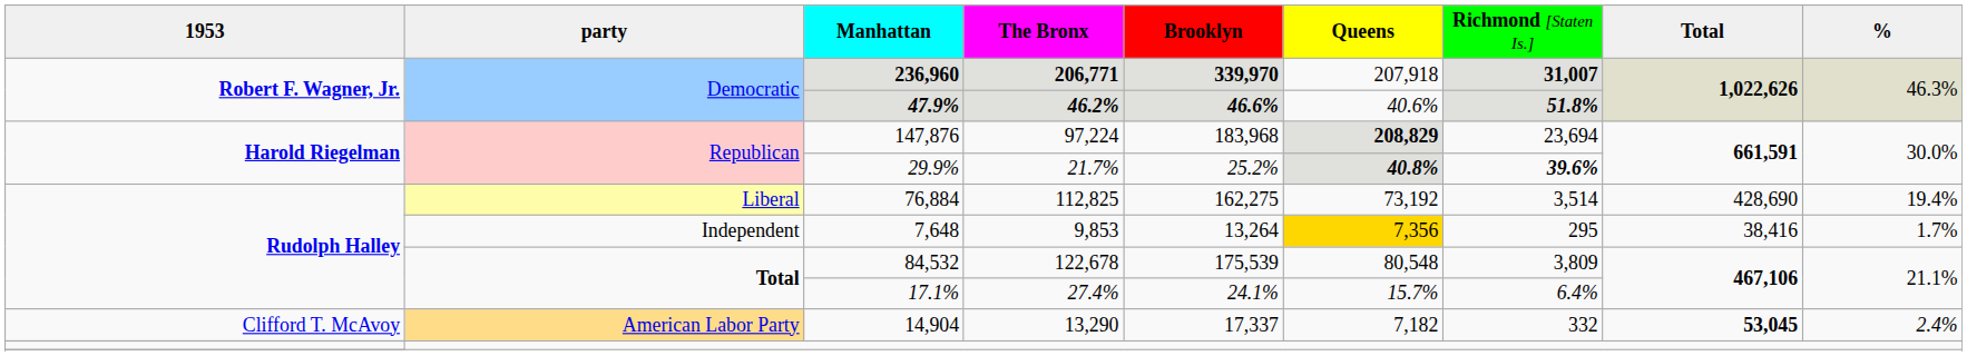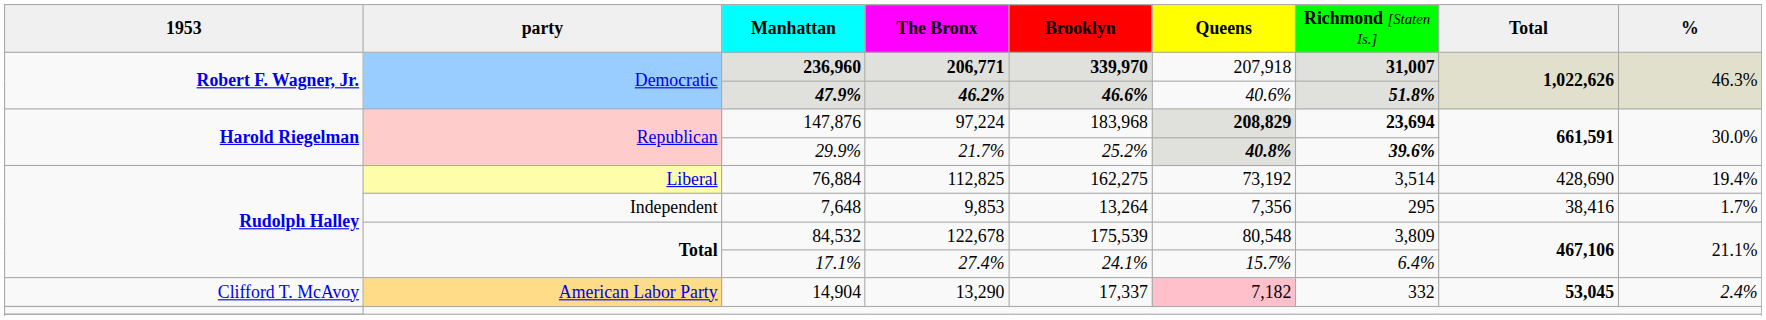 <table class="wikitable"  style="width:100%; text-align:right;">
 <tr style="text-align:center;">
 <td style="width:20%; background:#f0f0f0;"><strong>1953</strong></td>
 <td style="width:20%; background:#f0f0f0;"><strong>party</strong></td>
 <td style="width:8%; background:aqua;"><strong>Manhattan</strong></td>
 <td style="width:8%; background:magenta;"><strong>The Bronx</strong></td>
 <td style="width:8%; background:red;"><strong>Brooklyn</strong></td>
 <td style="width:8%; background:yellow;"><strong>Queens</strong></td>
 <td style="width:8%; background:lime;"><strong>Richmond</strong> <small><em>[Staten Is.]</em></small></td>
 <td style="width:10%; background:#f0f0f0;"><strong>Total</strong></td>
 <td style="width:8%; background:#f0f0f0;"><strong>%</strong></td>
 </tr>
 <tr>
 <td rowspan="2"><strong><a href='#'>Robert F. Wagner, Jr.</a></strong></td>
 <td rowspan="2" style="background:#9cf;"><a href='#'>Democratic</a></td>
 <td style="background:#e0e0dd;"><strong>236,960</strong></td>
 <td style="background:#e0e0dd;"><strong>206,771</strong></td>
 <td style="background:#e0e0dd;"><strong>339,970</strong></td>
 <td>207,918</td>
 <td style="background:#e0e0dd;"><strong>31,007</strong></td>
 <td rowspan="2" style="background:#e0e0cc;"><strong>1,022,626</strong></td>
 <td style="background:#e0e0cc;" rowspan="2">46.3%</td>
 </tr>
 <tr>
 <td style="background:#e0e0dd;"><strong><em>47.9%</em></strong></td>
 <td style="background:#e0e0dd;"><strong><em>46.2%</em></strong></td>
 <td style="background:#e0e0dd;"><strong><em>46.6%</em></strong></td>
 <td><em>40.6%</em></td>
 <td style="background:#e0e0dd;"><strong><em>51.8%</em></strong></td>
 </tr>
 <tr>
 <td rowspan="2"><strong><a href='#'>Harold Riegelman</a></strong></td>
 <td rowspan="2" style="background:#fcc;"><a href='#'>Republican</a></td>
 <td>147,876</td>
 <td>97,224</td>
 <td>183,968</td>
 <td style="background:#e0e0dd;"><strong>208,829</strong></td>
-<td>23,694</td>
+<td><strong>23,694</strong></td>
 <td rowspan="2"><strong>661,591</strong></td>
 <td rowspan="2">30.0%</td>
 </tr>
 <tr>
 <td><em>29.9%</em></td>
 <td><em>21.7%</em></td>
 <td><em>25.2%</em></td>
 <td style="background:#e0e0dd;"><strong><em>40.8%</em></strong></td>
 <td><strong><em>39.6%</em></strong></td>
 </tr>
 <tr>
 <td rowspan="4"><strong><a href='#'>Rudolph Halley</a></strong></td>
 <td style="background:#fefeaa;"><a href='#'>Liberal</a></td>
 <td>76,884</td>
 <td>112,825</td>
 <td>162,275</td>
 <td>73,192</td>
 <td>3,514</td>
 <td>428,690</td>
 <td>19.4%</td>
 </tr>
 <tr>
 <td>Independent</td>
 <td>7,648</td>
 <td>9,853</td>
 <td>13,264</td>
-<td style="background: gold;">7,356</td>
+<td>7,356</td>
 <td>295</td>
 <td>38,416</td>
 <td>1.7%</td>
 </tr>
 <tr>
 <td rowspan="2"><strong>Total</strong></td>
 <td>84,532</td>
 <td>122,678</td>
 <td>175,539</td>
 <td>80,548</td>
 <td>3,809</td>
 <td rowspan="2"><strong>467,106</strong></td>
 <td rowspan="2">21.1%</td>
 </tr>
 <tr>
 <td><em>17.1%</em></td>
 <td><em>27.4%</em></td>
 <td><em>24.1%</em></td>
 <td><em>15.7%</em></td>
 <td><em>6.4%</em></td>
 </tr>
 <tr>
 <td><a href='#'>Clifford T. McAvoy</a></td>
 <td style="background:#ffdd88;"><a href='#'>American Labor Party</a></td>
 <td>14,904</td>
 <td>13,290</td>
 <td>17,337</td>
-<td>7,182</td>
+<td style="background: pink;">7,182</td>
 <td>332</td>
 <td><strong>53,045</strong></td>
 <td><em>2.4%</em></td>
 </tr>
 <tr>
 </tr>
 <tr>
 <td></td>
 </tr>
 <tr>
 </tr>
 <tr>
 </tr>
 </table>
